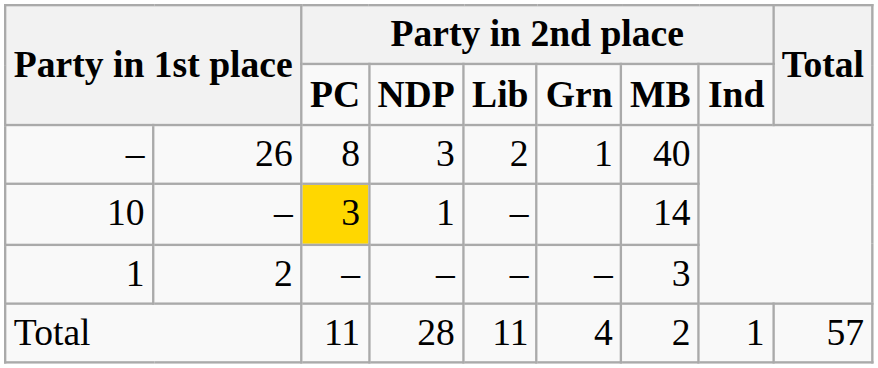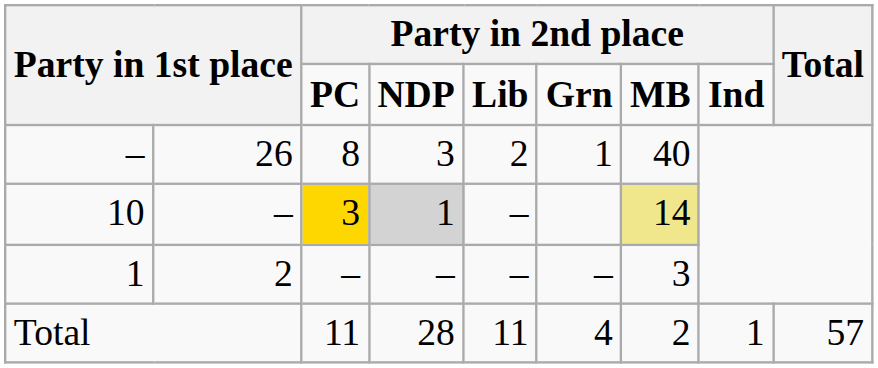 <table class="wikitable" style="text-align:right;">
 <tr>
 <th rowspan="2" colspan="2" style="text-align:left;">Party in 1st place</th>
 <th colspan="6">Party in 2nd place</th>
 <th rowspan="2">Total</th>
 </tr>
 <tr>
 <td><strong>PC</strong></td>
 <td><strong>NDP</strong></td>
 <td><strong>Lib</strong></td>
 <td><strong>Grn</strong></td>
 <td><strong>MB</strong></td>
 <td><strong>Ind</strong></td>
 </tr>
 <tr>
 <td>–</td>
 <td>26</td>
 <td>8</td>
 <td>3</td>
 <td>2</td>
 <td>1</td>
 <td>40</td>
 </tr>
 <tr>
 <td>10</td>
 <td>–</td>
 <td style="background: gold;">3</td>
-<td>1</td>
+<td style="background: lightgrey;">1</td>
 <td>–</td>
 <td></td>
-<td>14</td>
+<td style="background: khaki;">14</td>
 </tr>
 <tr>
 <td>1</td>
 <td>2</td>
 <td>–</td>
 <td>–</td>
 <td>–</td>
 <td>–</td>
 <td>3</td>
 </tr>
 <tr>
 <td colspan="2" style="text-align:left;">Total</td>
 <td>11</td>
 <td>28</td>
 <td>11</td>
 <td>4</td>
 <td>2</td>
 <td>1</td>
 <td>57</td>
 </tr>
 </table>
